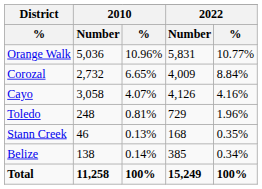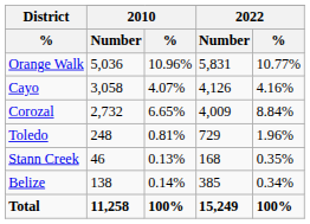 <table class="wikitable sortable left" style="font-size: 90%;">
 <tr>
 <th rowspan="2">District</th>
 </tr>
 <tr>
 <th colspan="2">2010</th>
 <th colspan="2">2022</th>
 </tr>
 <tr>
 <th>%</th>
 <th>Number</th>
 <th>%</th>
 <th>Number</th>
 <th>%</th>
 </tr>
 <tr>
 <td><a href='#'>Orange Walk</a></td>
 <td>5,036</td>
 <td>10.96%</td>
 <td>5,831</td>
 <td>10.77%</td>
 </tr>
 <tr>
+<td><a href='#'>Cayo</a></td>
+<td>3,058</td>
+<td>4.07%</td>
+<td>4,126</td>
+<td>4.16%</td>
+</tr>
+<tr>
 <td><a href='#'>Corozal</a></td>
 <td>2,732</td>
 <td>6.65%</td>
 <td>4,009</td>
 <td>8.84%</td>
-</tr>
-<tr>
-<td><a href='#'>Cayo</a></td>
-<td>3,058</td>
-<td>4.07%</td>
-<td>4,126</td>
-<td>4.16%</td>
 </tr>
 <tr>
 <td><a href='#'>Toledo</a></td>
 <td>248</td>
 <td>0.81%</td>
 <td>729</td>
 <td>1.96%</td>
 </tr>
 <tr>
 <td><a href='#'>Stann Creek</a></td>
 <td>46</td>
 <td>0.13%</td>
 <td>168</td>
 <td>0.35%</td>
 </tr>
 <tr>
 <td><a href='#'>Belize</a></td>
 <td>138</td>
 <td>0.14%</td>
 <td>385</td>
 <td>0.34%</td>
 </tr>
 <tr>
 <td><strong>Total</strong></td>
 <td><strong>11,258</strong></td>
 <td><strong>100%</strong></td>
 <td><strong>15,249</strong></td>
 <td><strong>100%</strong></td>
 </tr>
 </table>
